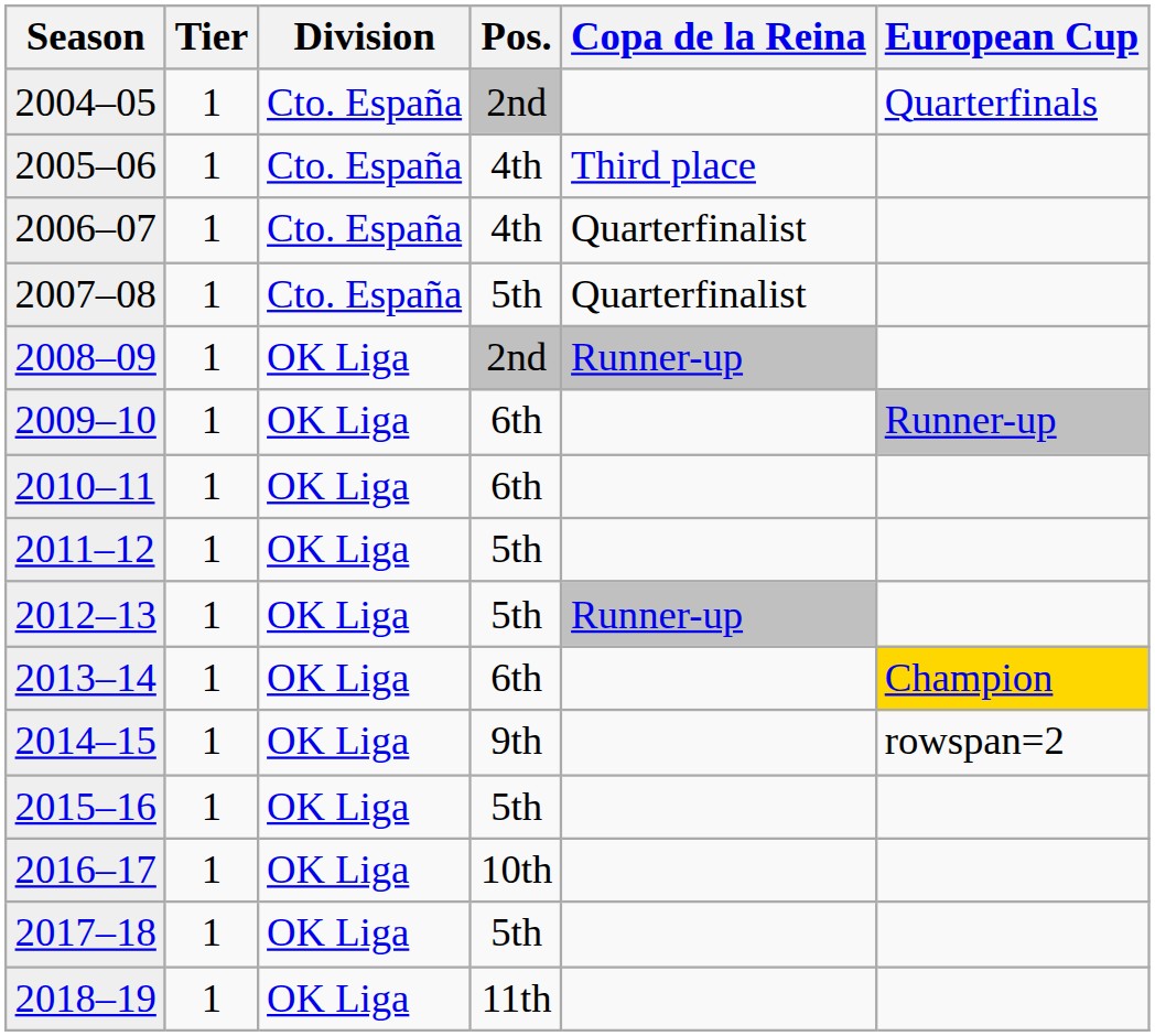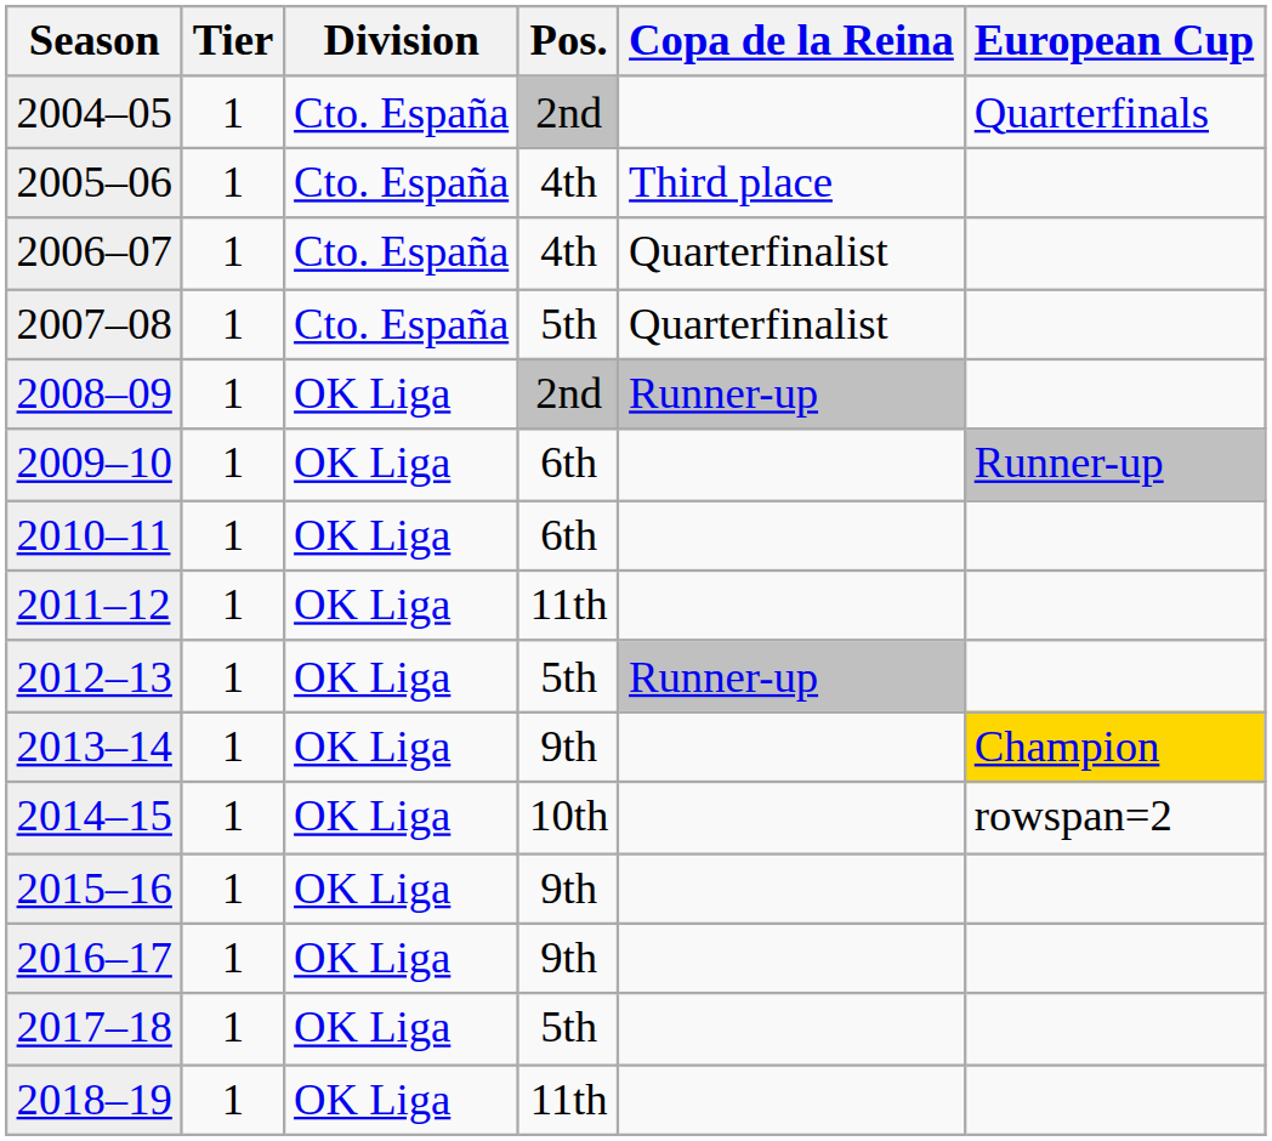 <table class="wikitable">
 <tr>
 <th>Season</th>
 <th>Tier</th>
 <th>Division</th>
 <th>Pos.</th>
 <th><a href='#'>Copa de la Reina</a></th>
 <th><a href='#'>European Cup</a></th>
 </tr>
 <tr>
 <td style="background:#efefef;">2004–05</td>
 <td align="center">1</td>
 <td><a href='#'>Cto. España</a></td>
 <td align="center" bgcolor=silver>2nd</td>
 <td></td>
 <td><a href='#'>Quarterfinals</a></td>
 </tr>
 <tr>
 <td style="background:#efefef;">2005–06</td>
 <td align="center">1</td>
 <td><a href='#'>Cto. España</a></td>
 <td align="center">4th</td>
 <td><a href='#'>Third place</a></td>
 </tr>
 <tr>
 <td style="background:#efefef;">2006–07</td>
 <td align="center">1</td>
 <td><a href='#'>Cto. España</a></td>
 <td align="center">4th</td>
 <td>Quarterfinalist</td>
 <td></td>
 </tr>
 <tr>
 <td style="background:#efefef;">2007–08</td>
 <td align="center">1</td>
 <td><a href='#'>Cto. España</a></td>
 <td align="center">5th</td>
 <td>Quarterfinalist</td>
 <td></td>
 </tr>
 <tr>
 <td style="background:#efefef;"><a href='#'>2008–09</a></td>
 <td align="center">1</td>
 <td><a href='#'>OK Liga</a></td>
 <td bgcolor=silver align="center">2nd</td>
 <td bgcolor=silver><a href='#'>Runner-up</a></td>
 <td></td>
 </tr>
 <tr>
 <td style="background:#efefef;"><a href='#'>2009–10</a></td>
 <td align="center">1</td>
 <td><a href='#'>OK Liga</a></td>
 <td align="center">6th</td>
 <td></td>
 <td bgcolor=silver><a href='#'>Runner-up</a></td>
 </tr>
 <tr>
 <td style="background:#efefef;"><a href='#'>2010–11</a></td>
 <td align="center">1</td>
 <td><a href='#'>OK Liga</a></td>
 <td align="center">6th</td>
 <td></td>
 <td></td>
 </tr>
 <tr>
 <td style="background:#efefef;"><a href='#'>2011–12</a></td>
 <td align="center">1</td>
 <td><a href='#'>OK Liga</a></td>
-<td align="center">5th</td>
+<td align="center">11th</td>
 <td></td>
 <td></td>
 </tr>
 <tr>
 <td style="background:#efefef;"><a href='#'>2012–13</a></td>
 <td align="center">1</td>
 <td><a href='#'>OK Liga</a></td>
 <td align="center">5th</td>
 <td bgcolor=silver><a href='#'>Runner-up</a></td>
 <td></td>
 </tr>
 <tr>
 <td style="background:#efefef;"><a href='#'>2013–14</a></td>
 <td align="center">1</td>
 <td><a href='#'>OK Liga</a></td>
-<td align="center">6th</td>
+<td align="center">9th</td>
 <td></td>
 <td bgcolor=gold><a href='#'>Champion</a></td>
 </tr>
 <tr>
 <td style="background:#efefef;"><a href='#'>2014–15</a></td>
 <td align="center">1</td>
 <td><a href='#'>OK Liga</a></td>
-<td align="center">9th</td>
+<td align="center">10th</td>
 <td></td>
 <td>rowspan=2 </td>
 </tr>
 <tr>
 <td style="background:#efefef;"><a href='#'>2015–16</a></td>
 <td align="center">1</td>
 <td><a href='#'>OK Liga</a></td>
-<td align="center">5th</td>
+<td align="center">9th</td>
 <td></td>
 <td></td>
 </tr>
 <tr>
 <td style="background:#efefef;"><a href='#'>2016–17</a></td>
 <td align="center">1</td>
 <td><a href='#'>OK Liga</a></td>
-<td align="center">10th</td>
+<td align="center">9th</td>
 <td></td>
 <td></td>
 </tr>
 <tr>
 <td style="background:#efefef;"><a href='#'>2017–18</a></td>
 <td align="center">1</td>
 <td><a href='#'>OK Liga</a></td>
 <td align="center">5th</td>
 <td></td>
 <td></td>
 </tr>
 <tr>
 <td style="background:#efefef;"><a href='#'>2018–19</a></td>
 <td align="center">1</td>
 <td><a href='#'>OK Liga</a></td>
 <td align="center">11th</td>
 <td></td>
 <td></td>
 </tr>
 </table>
